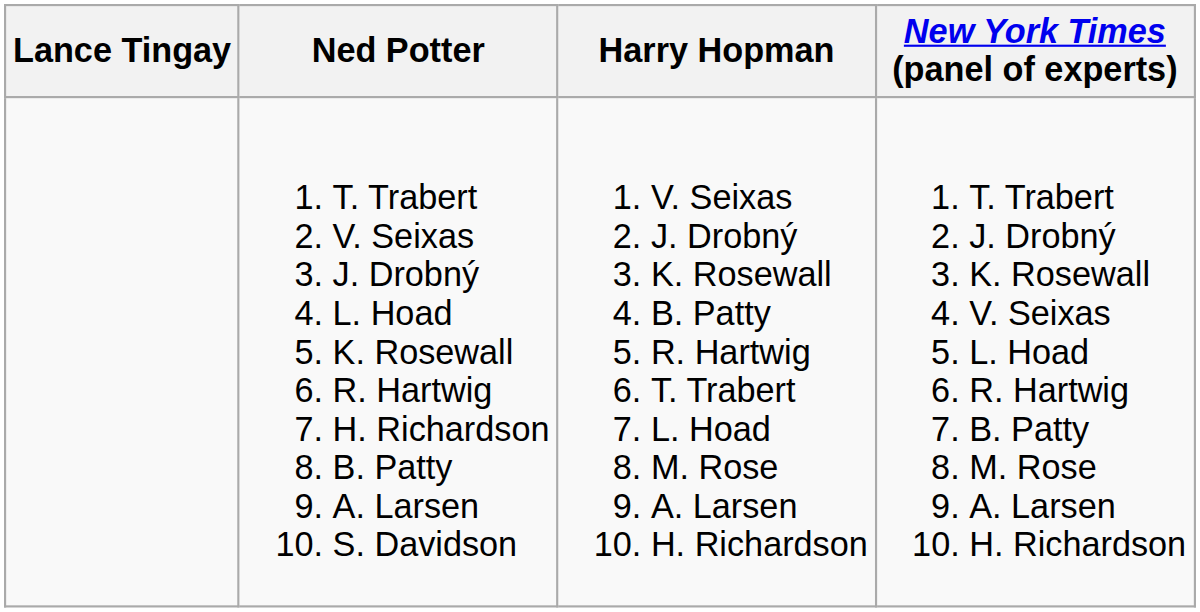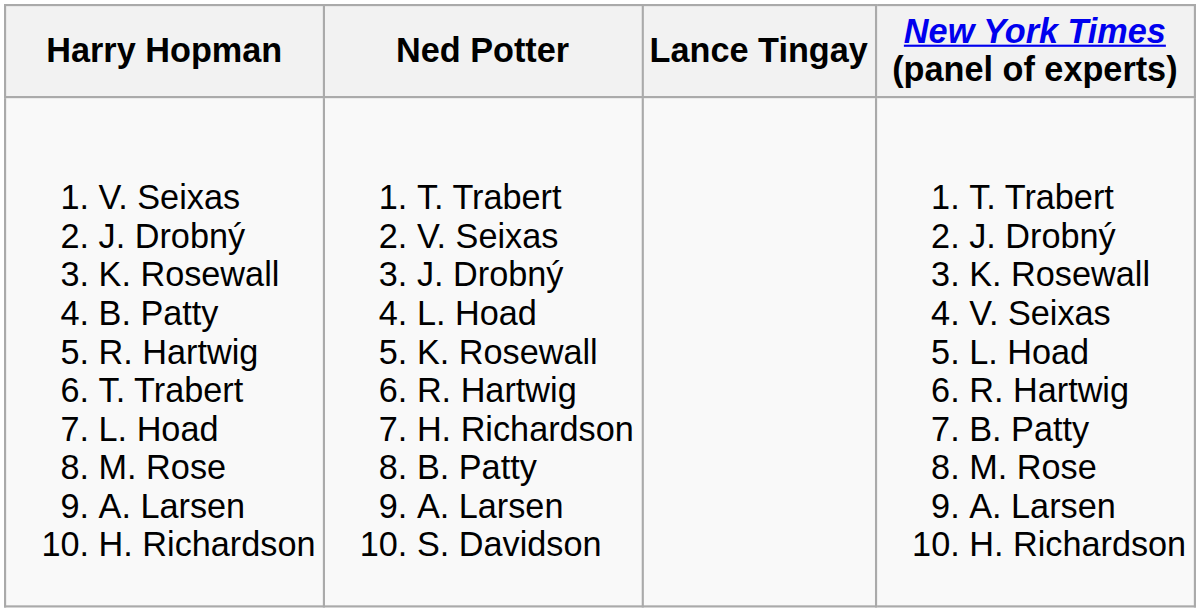 <table class="wikitable">
 <tr>
+<th>Harry Hopman</th>
+<th>Ned Potter</th>
 <th>Lance Tingay</th>
-<th>Ned Potter</th>
-<th>Harry Hopman</th>
 <th><em><a href='#'>New York Times</a></em><br>(panel of experts)</th>
 </tr>
 <tr style="vertical-align: top;">
+<td style="white-space: nowrap;"><br><ol><li> V. Seixas</li><li> J. Drobný</li><li> K. Rosewall</li><li> B. Patty</li><li> R. Hartwig</li><li> T. Trabert</li><li> L. Hoad</li><li> M. Rose</li><li> A. Larsen</li><li> H. Richardson</li></ol></td>
+<td style="white-space: nowrap;"><br><ol><li> T. Trabert</li><li> V. Seixas</li><li> J. Drobný</li><li> L. Hoad</li><li> K. Rosewall</li><li> R. Hartwig</li><li> H. Richardson</li><li> B. Patty</li><li> A. Larsen</li><li> S. Davidson</li></ol></td>
 <td></td>
-<td style="white-space: nowrap;"><br><ol><li> T. Trabert</li><li> V. Seixas</li><li> J. Drobný</li><li> L. Hoad</li><li> K. Rosewall</li><li> R. Hartwig</li><li> H. Richardson</li><li> B. Patty</li><li> A. Larsen</li><li> S. Davidson</li></ol></td>
-<td style="white-space: nowrap;"><br><ol><li> V. Seixas</li><li> J. Drobný</li><li> K. Rosewall</li><li> B. Patty</li><li> R. Hartwig</li><li> T. Trabert</li><li> L. Hoad</li><li> M. Rose</li><li> A. Larsen</li><li> H. Richardson</li></ol></td>
 <td style="white-space: nowrap;"><br><ol><li> T. Trabert</li><li> J. Drobný</li><li> K. Rosewall</li><li> V. Seixas</li><li> L. Hoad</li><li> R. Hartwig</li><li> B. Patty</li><li> M. Rose</li><li> A. Larsen</li><li> H. Richardson</li></ol></td>
 </tr>
 </table>
